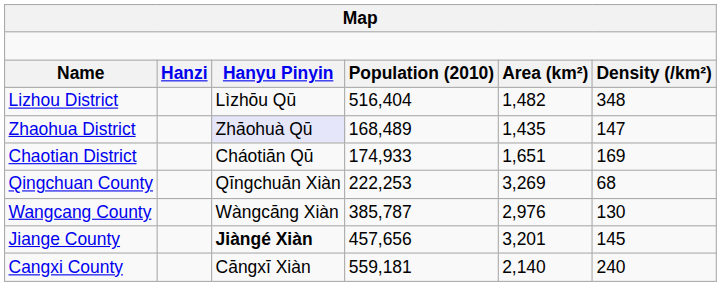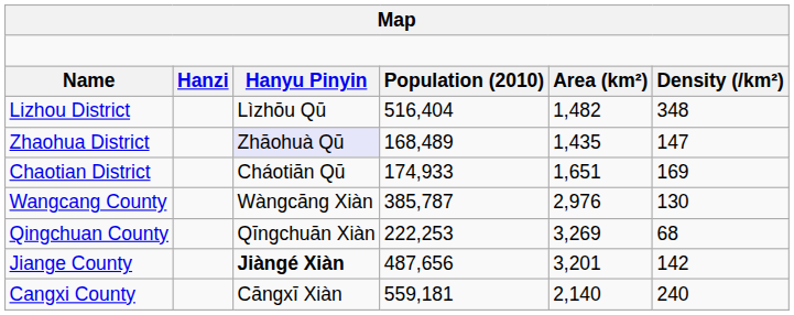 <table class="wikitable" style="font-size:100%;">
 <tr>
 <th colspan="6">Map</th>
 </tr>
 <tr>
 <td colspan="6"><div><br>          </div></td>
 </tr>
 <tr>
 <th>Name</th>
 <th><a href='#'>Hanzi</a></th>
 <th><a href='#'>Hanyu Pinyin</a></th>
 <th>Population (2010)</th>
 <th>Area (km²)</th>
 <th>Density (/km²)</th>
 </tr>
 <tr>
 <td><a href='#'>Lizhou District</a></td>
 <td></td>
 <td>Lìzhōu Qū</td>
 <td>516,404</td>
 <td>1,482</td>
 <td>348</td>
 </tr>
 <tr>
 <td><a href='#'>Zhaohua District</a></td>
 <td></td>
 <td style="background: lavender;">Zhāohuà Qū</td>
 <td>168,489</td>
 <td>1,435</td>
 <td>147</td>
 </tr>
 <tr>
 <td><a href='#'>Chaotian District</a></td>
 <td></td>
 <td>Cháotiān Qū</td>
 <td>174,933</td>
 <td>1,651</td>
 <td>169</td>
 </tr>
 <tr>
+<td><a href='#'>Wangcang County</a></td>
+<td></td>
+<td>Wàngcāng Xiàn</td>
+<td>385,787</td>
+<td>2,976</td>
+<td>130</td>
+</tr>
+<tr>
 <td><a href='#'>Qingchuan County</a></td>
 <td></td>
 <td>Qīngchuān Xiàn</td>
 <td>222,253</td>
 <td>3,269</td>
 <td>68</td>
 </tr>
 <tr>
-<td><a href='#'>Wangcang County</a></td>
-<td></td>
-<td>Wàngcāng Xiàn</td>
-<td>385,787</td>
-<td>2,976</td>
-<td>130</td>
-</tr>
-<tr>
 <td><a href='#'>Jiange County</a></td>
 <td></td>
 <td><strong>Jiàngé Xiàn</strong></td>
-<td>457,656</td>
+<td>487,656</td>
 <td>3,201</td>
-<td>145</td>
+<td>142</td>
 </tr>
 <tr>
 <td><a href='#'>Cangxi County</a></td>
 <td></td>
 <td>Cāngxī Xiàn</td>
 <td>559,181</td>
 <td>2,140</td>
 <td>240</td>
 </tr>
 </table>
